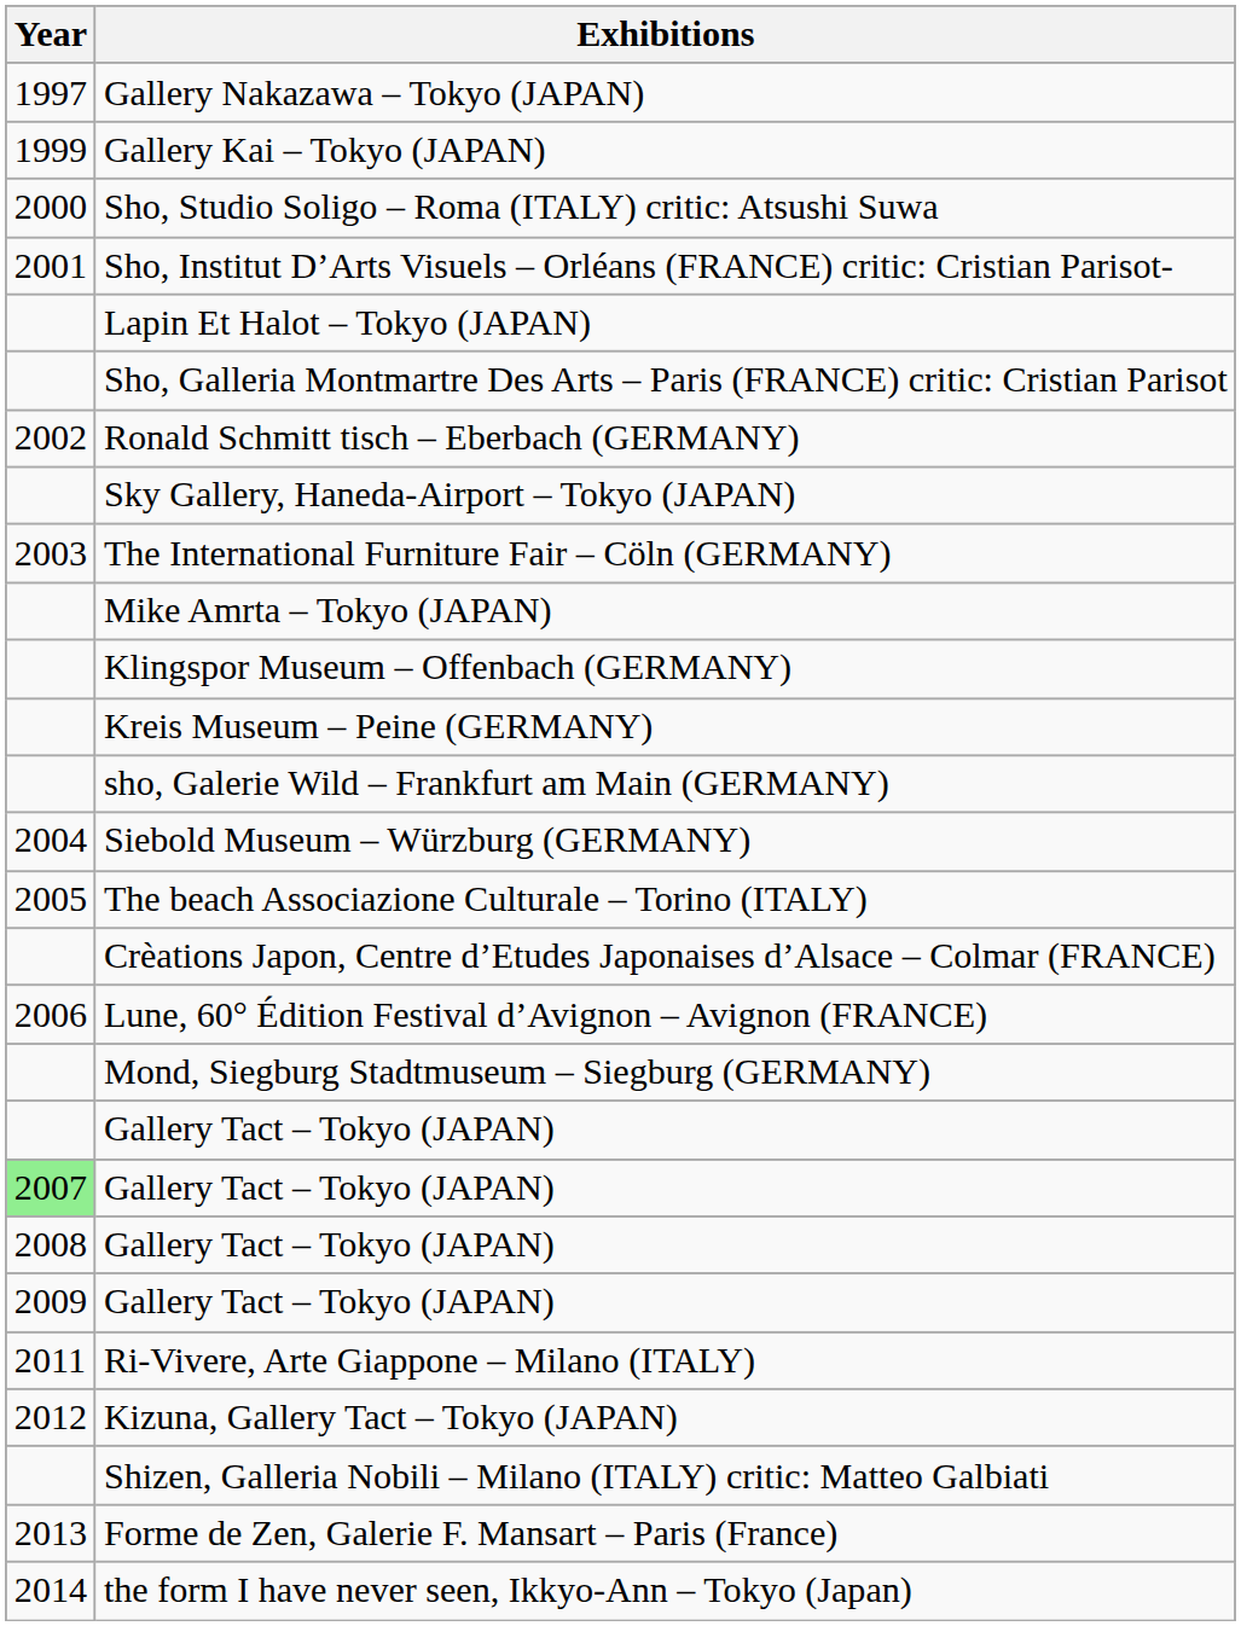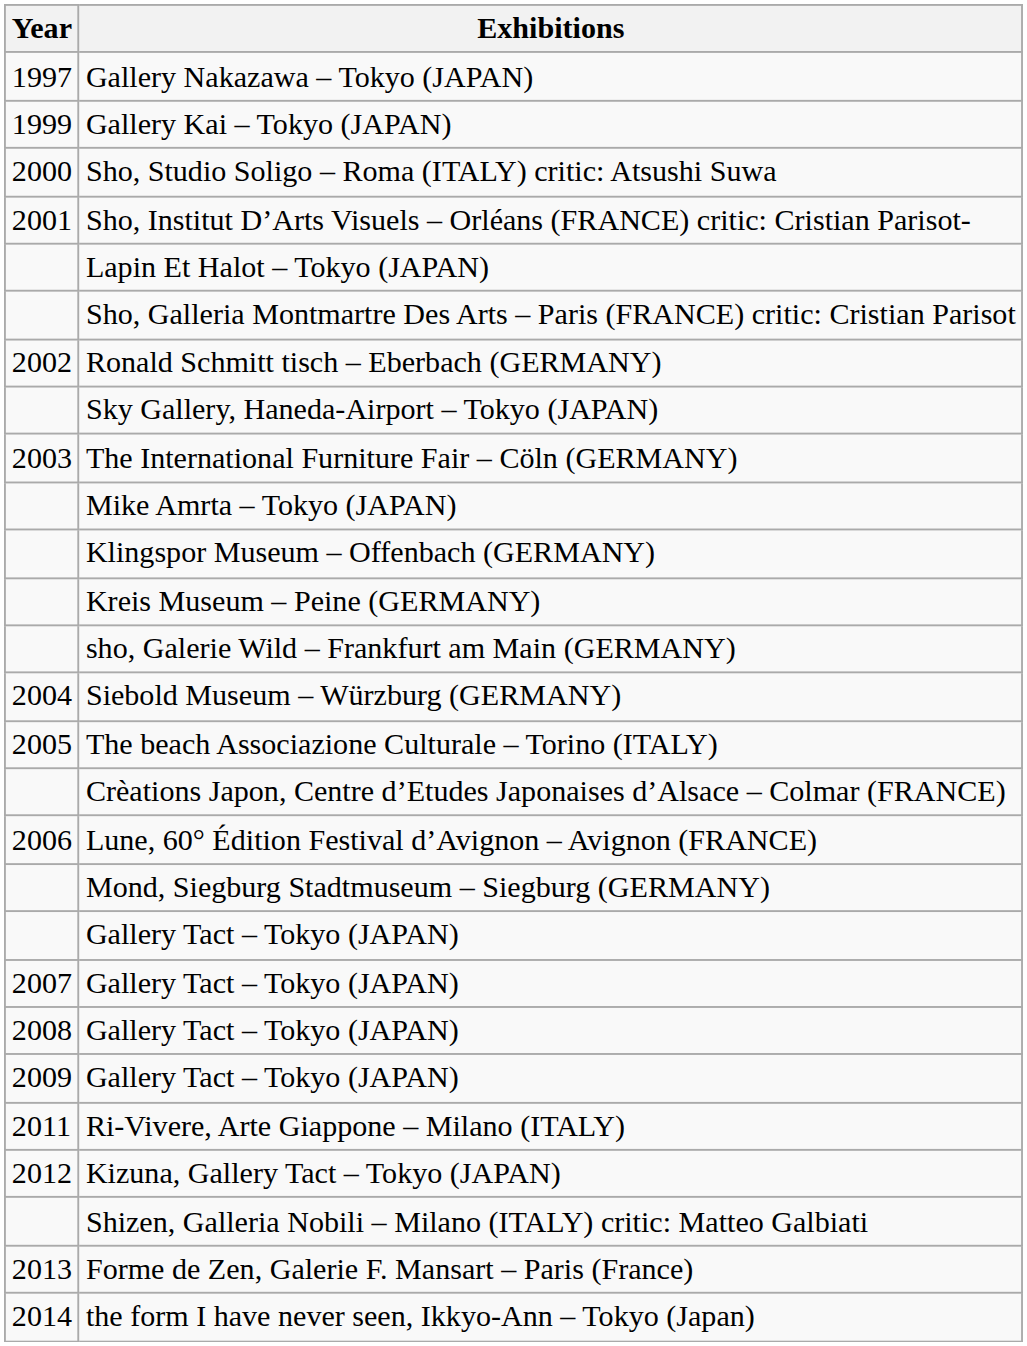 <table class="wikitable">
 <tr>
 <th>Year</th>
 <th>Exhibitions</th>
 </tr>
 <tr>
 <td>1997</td>
 <td>Gallery Nakazawa – Tokyo (JAPAN)</td>
 </tr>
 <tr>
 <td>1999</td>
 <td>Gallery Kai – Tokyo (JAPAN)</td>
 </tr>
 <tr>
 <td>2000</td>
 <td>Sho, Studio Soligo – Roma (ITALY) critic: Atsushi Suwa</td>
 </tr>
 <tr>
 <td>2001</td>
 <td>Sho, Institut D’Arts Visuels – Orléans (FRANCE) critic: Cristian Parisot-</td>
 </tr>
 <tr>
 <td></td>
 <td>Lapin Et Halot – Tokyo (JAPAN)</td>
 </tr>
 <tr>
 <td></td>
 <td>Sho, Galleria Montmartre Des Arts – Paris (FRANCE) critic: Cristian Parisot</td>
 </tr>
 <tr>
 <td>2002</td>
 <td>Ronald Schmitt tisch – Eberbach (GERMANY)</td>
 </tr>
 <tr>
 <td></td>
 <td>Sky Gallery, Haneda-Airport – Tokyo (JAPAN)</td>
 </tr>
 <tr>
 <td>2003</td>
 <td>The International Furniture Fair – Cöln (GERMANY)</td>
 </tr>
 <tr>
 <td></td>
 <td>Mike Amrta – Tokyo (JAPAN)</td>
 </tr>
 <tr>
 <td></td>
 <td>Klingspor Museum – Offenbach (GERMANY)</td>
 </tr>
 <tr>
 <td></td>
 <td>Kreis Museum – Peine (GERMANY)</td>
 </tr>
 <tr>
 <td></td>
 <td>sho, Galerie Wild – Frankfurt am Main (GERMANY)</td>
 </tr>
 <tr>
 <td>2004</td>
 <td>Siebold Museum – Würzburg (GERMANY)</td>
 </tr>
 <tr>
 <td>2005</td>
 <td>The beach Associazione Culturale – Torino (ITALY)</td>
 </tr>
 <tr>
 <td></td>
 <td>Crèations Japon, Centre d’Etudes Japonaises d’Alsace – Colmar (FRANCE)</td>
 </tr>
 <tr>
 <td>2006</td>
 <td>Lune, 60° Édition Festival d’Avignon – Avignon (FRANCE)</td>
 </tr>
 <tr>
 <td></td>
 <td>Mond, Siegburg Stadtmuseum – Siegburg (GERMANY)</td>
 </tr>
 <tr>
 <td></td>
 <td>Gallery Tact – Tokyo (JAPAN)</td>
 </tr>
 <tr>
-<td style="background: lightgreen;">2007</td>
+<td>2007</td>
 <td>Gallery Tact – Tokyo (JAPAN)</td>
 </tr>
 <tr>
 <td>2008</td>
 <td>Gallery Tact – Tokyo (JAPAN)</td>
 </tr>
 <tr>
 <td>2009</td>
 <td>Gallery Tact – Tokyo (JAPAN)</td>
 </tr>
 <tr>
 <td>2011</td>
 <td>Ri-Vivere, Arte Giappone – Milano (ITALY)</td>
 </tr>
 <tr>
 <td>2012</td>
 <td>Kizuna, Gallery Tact – Tokyo (JAPAN)</td>
 </tr>
 <tr>
 <td></td>
 <td>Shizen, Galleria Nobili – Milano (ITALY) critic: Matteo Galbiati</td>
 </tr>
 <tr>
 <td>2013</td>
 <td>Forme de Zen, Galerie F. Mansart – Paris (France)</td>
 </tr>
 <tr>
 <td>2014</td>
 <td>the form I have never seen, Ikkyo-Ann – Tokyo (Japan)</td>
 </tr>
 </table>
